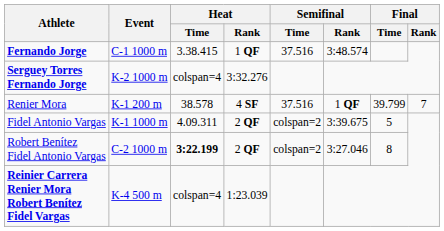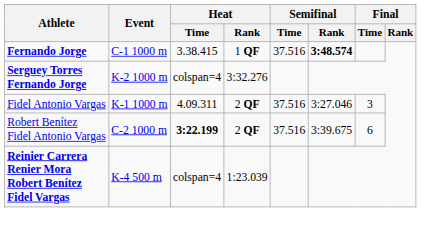 <table class=wikitable style=font-size:90%;text-align:center>
 <tr>
 <th rowspan=2>Athlete</th>
 <th rowspan=2>Event</th>
 <th colspan=2>Heat</th>
 <th colspan=2>Semifinal</th>
 <th colspan=2>Final</th>
 </tr>
 <tr style=font-size:95%>
 <th>Time</th>
 <th>Rank</th>
 <th>Time</th>
 <th>Rank</th>
 <th>Time</th>
 <th>Rank</th>
 </tr>
 <tr>
 <td align=left><strong><a href='#'>Fernando Jorge</a></strong></td>
 <td align=left><a href='#'>C-1 1000 m</a></td>
 <td>3.38.415</td>
 <td>1 <strong>QF</strong></td>
 <td>37.516</td>
-<td>3:48.574</td>
+<td><strong>3:48.574</strong></td>
 <td></td>
 </tr>
 <tr>
 <td align=left><strong><a href='#'>Serguey Torres</a><br><a href='#'>Fernando Jorge</a></strong></td>
 <td align=left><a href='#'>K-2 1000 m</a></td>
 <td>colspan=4 </td>
 <td>3:32.276</td>
 <td></td>
 </tr>
 <tr>
-<td align=left><a href='#'>Renier Mora</a></td>
-<td align=left><a href='#'>K-1 200 m</a></td>
-<td>38.578</td>
-<td>4 <strong>SF</strong></td>
-<td>37.516</td>
-<td>1 <strong>QF</strong></td>
-<td>39.799</td>
-<td>7</td>
-</tr>
-<tr>
 <td align=left><a href='#'>Fidel Antonio Vargas</a></td>
 <td align=left><a href='#'>K-1 1000 m</a></td>
 <td>4.09.311</td>
 <td>2 <strong>QF</strong></td>
-<td>colspan=2 </td>
-<td>3:39.675</td>
-<td>5</td>
+<td>37.516</td>
+<td>3:27.046</td>
+<td>3</td>
 </tr>
 <tr>
 <td align=left><a href='#'>Robert Benítez</a><br><a href='#'>Fidel Antonio Vargas</a></td>
 <td align=left><a href='#'>C-2 1000 m</a></td>
 <td><strong>3:22.199</strong></td>
 <td>2 <strong>QF</strong></td>
-<td>colspan=2 </td>
-<td>3:27.046</td>
-<td>8</td>
+<td>37.516</td>
+<td>3:39.675</td>
+<td>6</td>
 </tr>
 <tr>
 <td align=left><strong><a href='#'>Reinier Carrera</a><br><a href='#'>Renier Mora</a> <br><a href='#'>Robert Benítez</a><br><a href='#'>Fidel Vargas</a></strong></td>
 <td align=left><a href='#'>K-4 500 m</a></td>
 <td>colspan=4 </td>
 <td>1:23.039</td>
 <td></td>
 </tr>
 </table>
